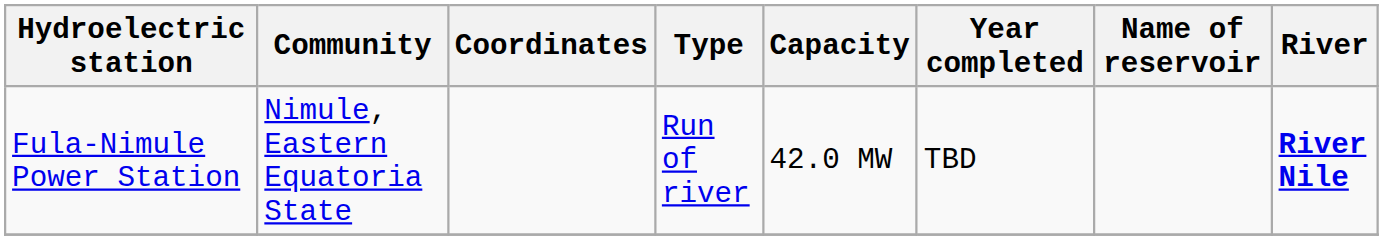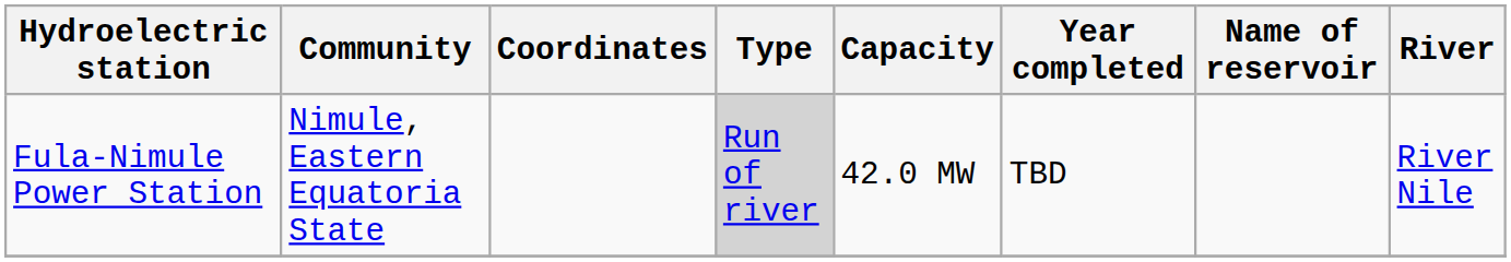 <table class="wikitable">
 <tr>
 <th>Hydroelectric station</th>
 <th>Community</th>
 <th>Coordinates</th>
 <th>Type</th>
 <th>Capacity</th>
 <th>Year completed</th>
 <th>Name of reservoir</th>
 <th>River</th>
 </tr>
 <tr>
 <td><a href='#'>Fula-Nimule Power Station</a></td>
 <td><a href='#'>Nimule</a>, <a href='#'>Eastern Equatoria State</a></td>
 <td></td>
-<td><a href='#'>Run of river</a></td>
+<td style="background: lightgrey;"><a href='#'>Run of river</a></td>
 <td>42.0 MW</td>
 <td>TBD</td>
 <td></td>
-<td><strong><a href='#'>River Nile</a></strong></td>
+<td><a href='#'>River Nile</a></td>
 </tr>
 <tr>
 </tr>
 </table>
